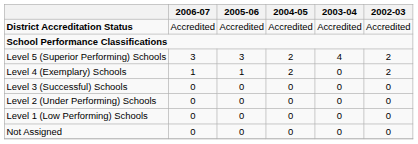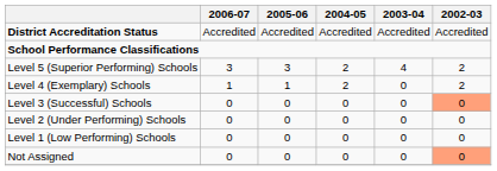 <table class="wikitable" style="font-size: 95%;">
 <tr>
 <th></th>
 <th>2006-07</th>
 <th>2005-06</th>
 <th>2004-05</th>
 <th>2003-04</th>
 <th>2002-03</th>
 </tr>
 <tr>
 <td align="left"><strong>District Accreditation Status</strong></td>
 <td align="center">Accredited</td>
 <td align="center">Accredited</td>
 <td align="center">Accredited</td>
 <td align="center">Accredited</td>
 <td align="center">Accredited</td>
 </tr>
 <tr>
 <td align="left" colspan="6"><strong>School Performance Classifications</strong></td>
 </tr>
 <tr>
 <td align="left">Level 5 (Superior Performing) Schools</td>
 <td align="center">3</td>
 <td align="center">3</td>
 <td align="center">2</td>
 <td align="center">4</td>
 <td align="center">2</td>
 </tr>
 <tr>
 <td align="left">Level 4 (Exemplary) Schools</td>
 <td align="center">1</td>
 <td align="center">1</td>
 <td align="center">2</td>
 <td align="center">0</td>
 <td align="center">2</td>
 </tr>
 <tr>
 <td align="left">Level 3 (Successful) Schools</td>
 <td align="center">0</td>
 <td align="center">0</td>
 <td align="center">0</td>
 <td align="center">0</td>
-<td align="center">0</td>
+<td align="center" style="background: lightsalmon;">0</td>
 </tr>
 <tr>
 <td align="left">Level 2 (Under Performing) Schools</td>
 <td align="center">0</td>
 <td align="center">0</td>
 <td align="center">0</td>
 <td align="center">0</td>
 <td align="center">0</td>
 </tr>
 <tr>
 <td align="left">Level 1 (Low Performing) Schools</td>
 <td align="center">0</td>
 <td align="center">0</td>
 <td align="center">0</td>
 <td align="center">0</td>
 <td align="center">0</td>
 </tr>
 <tr>
 <td align="left">Not Assigned</td>
 <td align="center">0</td>
 <td align="center">0</td>
 <td align="center">0</td>
 <td align="center">0</td>
-<td align="center">0</td>
+<td align="center" style="background: lightsalmon;">0</td>
 </tr>
 <tr>
 </tr>
 </table>
